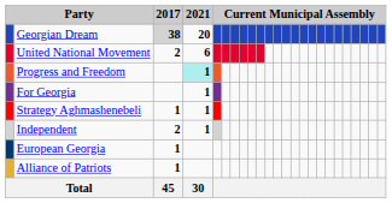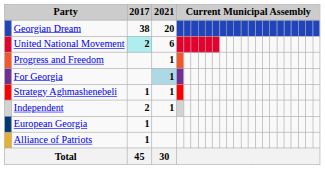 <table class="wikitable">
 <tr>
 <th style="background:#ccc" colspan="2">Party</th>
 <th style="background:#ccc">2017</th>
 <th style="background:#ccc">2021</th>
 <th style="background:#ccc" colspan="45">Current Municipal Assembly</th>
 </tr>
 <tr>
 <td style="background-color: #2044bc"> </td>
 <td><a href='#'>Georgian Dream</a></td>
-<td style="background: lightgrey; text-align: right"><strong>38</strong></td>
+<td style="text-align: right"><strong>38</strong></td>
 <td style="text-align: right"><strong>20</strong></td>
 <td style="background-color: #2044bc"> </td>
 <td style="background-color: #2044bc"> </td>
 <td style="background-color: #2044bc"> </td>
 <td style="background-color: #2044bc"> </td>
 <td style="background-color: #2044bc"> </td>
 <td style="background-color: #2044bc"> </td>
 <td style="background-color: #2044bc"> </td>
 <td style="background-color: #2044bc"> </td>
 <td style="background-color: #2044bc"> </td>
 <td style="background-color: #2044bc"> </td>
 <td style="background-color: #2044bc"> </td>
 <td style="background-color: #2044bc"> </td>
 <td style="background-color: #2044bc"> </td>
 <td style="background-color: #2044bc"> </td>
 <td style="background-color: #2044bc"> </td>
 <td style="background-color: #2044bc"> </td>
 <td style="background-color: #2044bc"> </td>
 <td style="background-color: #2044bc"> </td>
 <td style="background-color: #2044bc"> </td>
 <td style="background-color: #2044bc"> </td>
 </tr>
 <tr>
 <td style="background-color: #e4012e"> </td>
 <td><a href='#'>United National Movement</a></td>
-<td style="text-align: right"><strong>2</strong></td>
+<td style="background: paleturquoise; text-align: right"><strong>2</strong></td>
 <td style="text-align: right"><strong>6</strong></td>
 <td style="background-color: #e4012e"></td>
 <td style="background-color: #e4012e"> </td>
 <td style="background-color: #e4012e"> </td>
 <td style="background-color: #e4012e"> </td>
 <td style="background-color: #e4012e"> </td>
 <td style="background-color: #e4012e"> </td>
 <td></td>
 <td></td>
 <td></td>
 <td></td>
 <td></td>
 <td></td>
 <td></td>
 <td></td>
 <td></td>
 <td></td>
 <td></td>
 <td></td>
 <td></td>
 <td></td>
 </tr>
 <tr>
 <td style="background-color: #f1592a"> </td>
 <td><a href='#'>Progress and Freedom</a></td>
 <td></td>
-<td style="background: paleturquoise; text-align: right"><strong>1</strong></td>
+<td style="text-align: right"><strong>1</strong></td>
 <td style="background-color: #f1592a"> </td>
 <td></td>
 <td></td>
 <td></td>
 <td></td>
 <td></td>
 <td></td>
 <td></td>
 <td></td>
 <td></td>
 <td></td>
 <td></td>
 <td></td>
 <td></td>
 <td></td>
 <td></td>
 <td></td>
 <td></td>
 <td></td>
 <td></td>
 </tr>
 <tr>
 <td style="background-color: #702F92"> </td>
 <td><a href='#'>For Georgia</a></td>
 <td></td>
-<td style="text-align: right"><strong>1</strong></td>
+<td style="background: lightblue; text-align: right"><strong>1</strong></td>
 <td style="background-color: #702f92"> </td>
 <td></td>
 <td></td>
 <td></td>
 <td></td>
 <td></td>
 <td></td>
 <td></td>
 <td></td>
 <td></td>
 <td></td>
 <td></td>
 <td></td>
 <td></td>
 <td></td>
 <td></td>
 <td></td>
 <td></td>
 <td></td>
 <td></td>
 </tr>
 <tr>
 <td style="background-color: #ff0000"> </td>
 <td><a href='#'>Strategy Aghmashenebeli</a></td>
 <td style="text-align: right"><strong>1</strong></td>
 <td style="text-align: right"><strong>1</strong></td>
 <td style="background-color: #ff0000"> </td>
 <td></td>
 <td></td>
 <td></td>
 <td></td>
 <td></td>
 <td></td>
 <td></td>
 <td></td>
 <td></td>
 <td></td>
 <td></td>
 <td></td>
 <td></td>
 <td></td>
 <td></td>
 <td></td>
 <td></td>
 <td></td>
 <td></td>
 </tr>
 <tr>
 <td style="background-color: lightgrey"> </td>
 <td><a href='#'>Independent</a></td>
 <td style="text-align: right"><strong>2</strong></td>
 <td style="text-align: right"><strong>1</strong></td>
 <td style="background-color: lightgrey"> </td>
 <td></td>
 <td></td>
 <td></td>
 <td></td>
 <td></td>
 <td></td>
 <td></td>
 <td></td>
 <td></td>
 <td></td>
 <td></td>
 <td></td>
 <td></td>
 <td></td>
 <td></td>
 <td></td>
 <td></td>
 <td></td>
 <td></td>
 </tr>
 <tr>
 <td style="background-color: #003876"> </td>
 <td><a href='#'>European Georgia</a></td>
 <td style="text-align: right"><strong>1</strong></td>
 <td></td>
 <td></td>
 <td></td>
 <td></td>
 <td></td>
 <td></td>
 <td></td>
 <td></td>
 <td></td>
 <td></td>
 <td></td>
 <td></td>
 <td></td>
 <td></td>
 <td></td>
 <td></td>
 <td></td>
 <td></td>
 <td></td>
 <td></td>
 <td></td>
 </tr>
 <tr>
 <td style="background-color: #e7b031"> </td>
 <td><a href='#'>Alliance of Patriots</a></td>
 <td style="text-align: right"><strong>1</strong></td>
 <td></td>
 <td></td>
 <td></td>
 <td></td>
 <td></td>
 <td></td>
 <td></td>
 <td></td>
 <td></td>
 <td></td>
 <td></td>
 <td></td>
 <td></td>
 <td></td>
 <td></td>
 <td></td>
 <td></td>
 <td></td>
 <td></td>
 <td></td>
 <td></td>
 </tr>
 <tr>
 <th colspan=2>Total</th>
 <th align=right>45</th>
 <th align=right>30</th>
 <th colspan=45> </th>
 </tr>
 </table>
